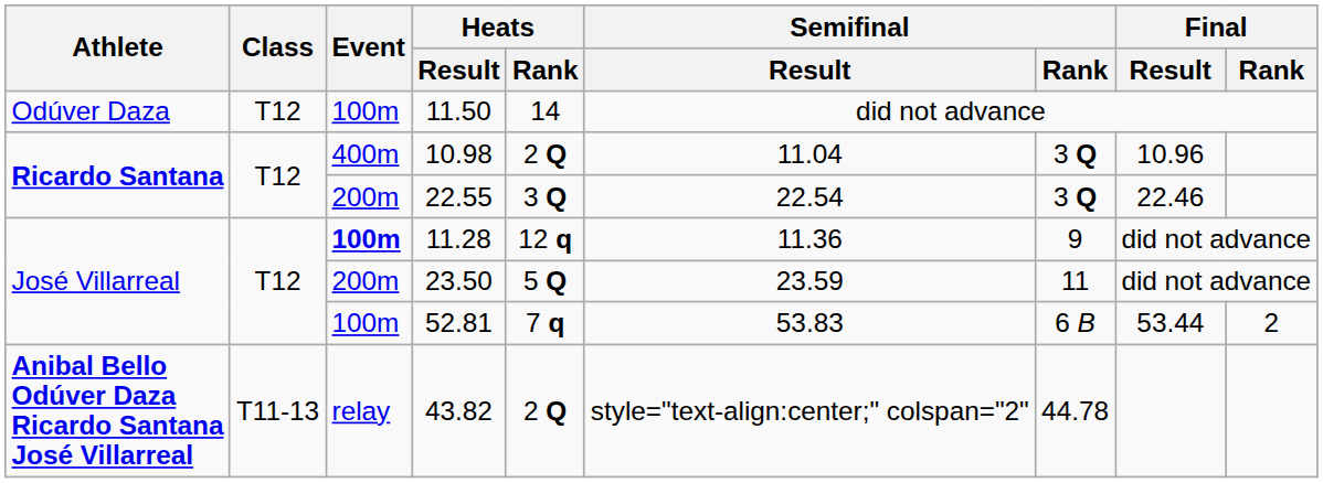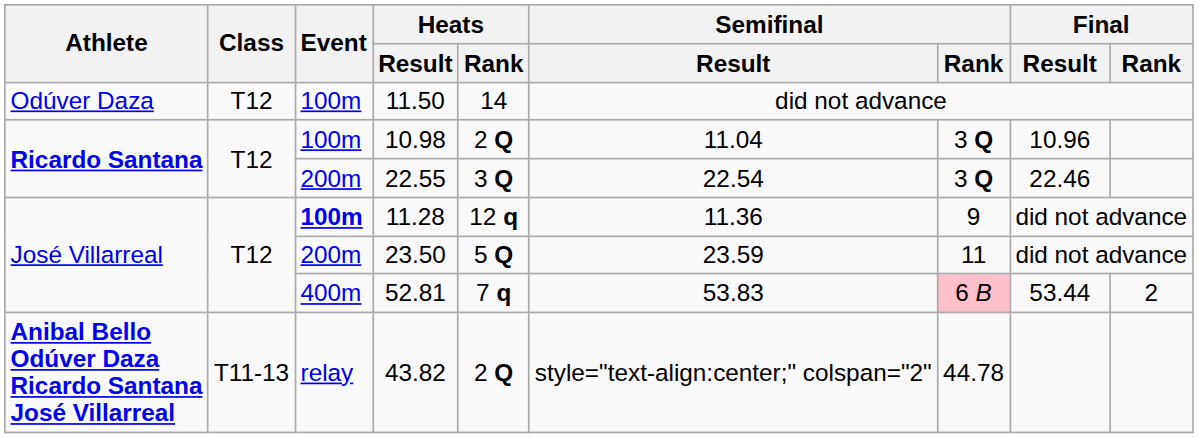 <table class=wikitable style="font-size:90%">
 <tr>
 <th rowspan="2">Athlete</th>
 <th rowspan="2">Class</th>
 <th rowspan="2">Event</th>
 <th colspan="2">Heats</th>
 <th colspan="2">Semifinal</th>
 <th colspan="2">Final</th>
 </tr>
 <tr>
 <th>Result</th>
 <th>Rank</th>
 <th>Result</th>
 <th>Rank</th>
 <th>Result</th>
 <th>Rank</th>
 </tr>
 <tr>
 <td><a href='#'>Odúver Daza</a></td>
 <td style="text-align:center;">T12</td>
 <td><a href='#'>100m</a></td>
 <td style="text-align:center;">11.50</td>
 <td style="text-align:center;">14</td>
 <td style="text-align:center;" colspan="4">did not advance</td>
 </tr>
 <tr>
 <td rowspan="2"><strong><a href='#'>Ricardo Santana</a></strong></td>
 <td rowspan="2" style="text-align:center;">T12</td>
-<td><a href='#'>400m</a></td>
+<td><a href='#'>100m</a></td>
 <td style="text-align:center;">10.98</td>
 <td style="text-align:center;">2 <strong>Q</strong></td>
 <td style="text-align:center;">11.04</td>
 <td style="text-align:center;">3 <strong>Q</strong></td>
 <td style="text-align:center;">10.96</td>
 <td style="text-align:center;"></td>
 </tr>
 <tr>
 <td><a href='#'>200m</a></td>
 <td style="text-align:center;">22.55</td>
 <td style="text-align:center;">3 <strong>Q</strong></td>
 <td style="text-align:center;">22.54</td>
 <td style="text-align:center;">3 <strong>Q</strong></td>
 <td style="text-align:center;">22.46</td>
 <td style="text-align:center;"></td>
 </tr>
 <tr>
 <td rowspan="3"><a href='#'>José Villarreal</a></td>
 <td rowspan="3" style="text-align:center;">T12</td>
 <td><strong><a href='#'>100m</a></strong></td>
 <td style="text-align:center;">11.28</td>
 <td style="text-align:center;">12 <strong>q</strong></td>
 <td style="text-align:center;">11.36</td>
 <td style="text-align:center;">9</td>
 <td style="text-align:center;" colspan="2">did not advance</td>
 </tr>
 <tr>
 <td><a href='#'>200m</a></td>
 <td style="text-align:center;">23.50</td>
 <td style="text-align:center;">5 <strong>Q</strong></td>
 <td style="text-align:center;">23.59</td>
 <td style="text-align:center;">11</td>
 <td style="text-align:center;" colspan="2">did not advance</td>
 </tr>
 <tr>
-<td><a href='#'>100m</a></td>
+<td><a href='#'>400m</a></td>
 <td style="text-align:center;">52.81</td>
 <td style="text-align:center;">7 <strong>q</strong></td>
 <td style="text-align:center;">53.83</td>
-<td style="text-align:center;">6 <em>B</em></td>
+<td style="background: pink; text-align:center;">6 <em>B</em></td>
 <td style="text-align:center;">53.44</td>
 <td style="text-align:center;">2</td>
 </tr>
 <tr>
 <td><strong><a href='#'>Anibal Bello</a></strong><br> <strong><a href='#'>Odúver Daza</a></strong><br> <strong><a href='#'>Ricardo Santana</a></strong><br> <strong><a href='#'>José Villarreal</a></strong></td>
 <td style="text-align:center;">T11-13</td>
 <td><a href='#'> relay</a></td>
 <td style="text-align:center;">43.82</td>
 <td style="text-align:center;">2 <strong>Q</strong></td>
 <td>style="text-align:center;" colspan="2" </td>
 <td style="text-align:center;">44.78</td>
 <td style="text-align:center;"></td>
 </tr>
 </table>
